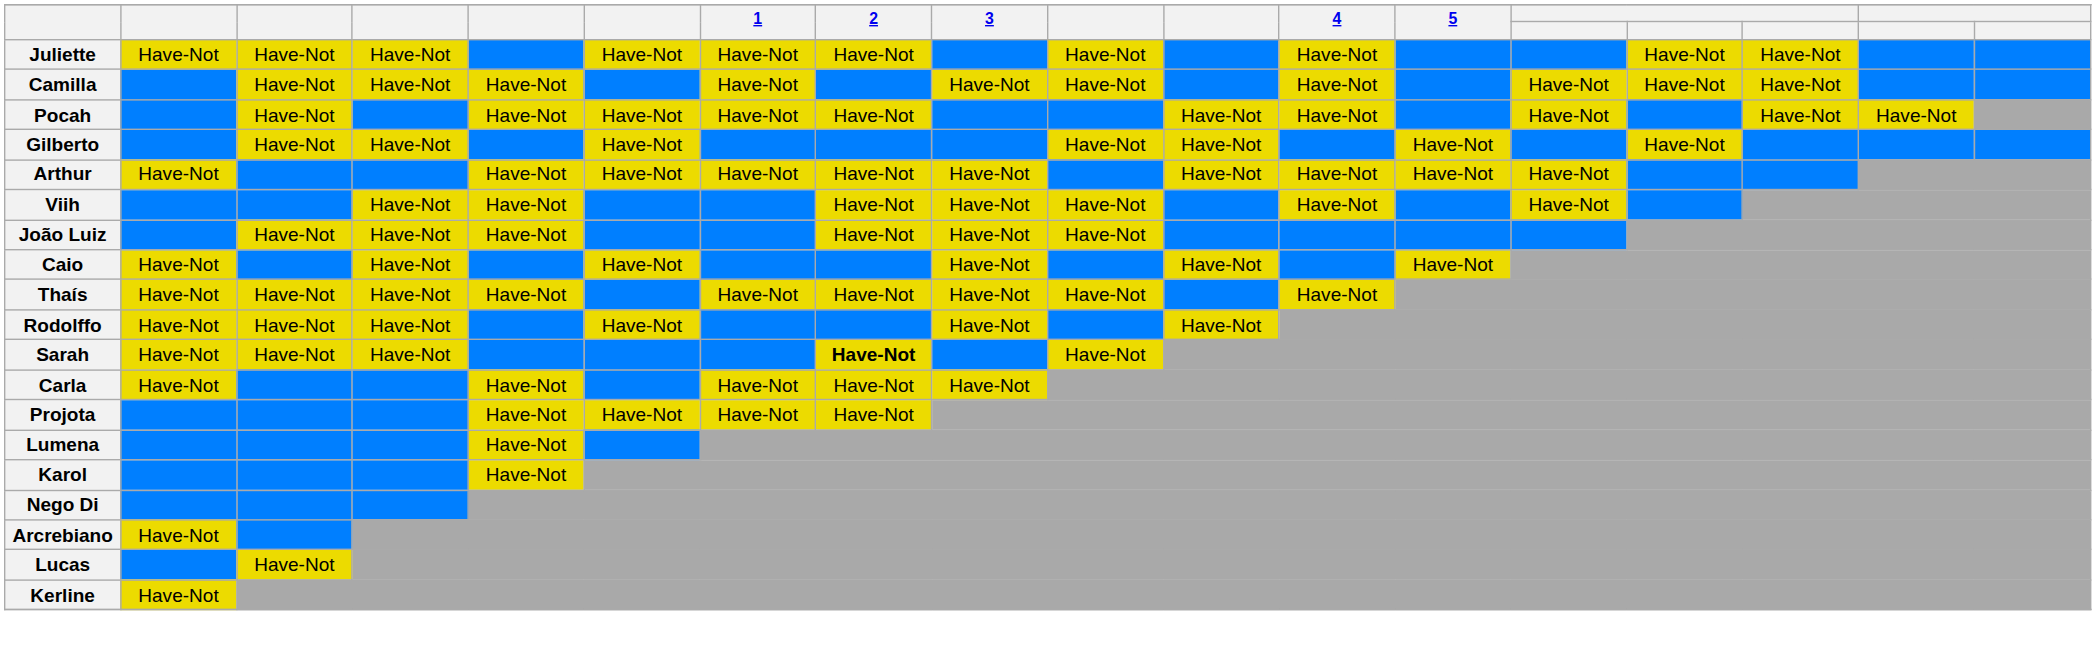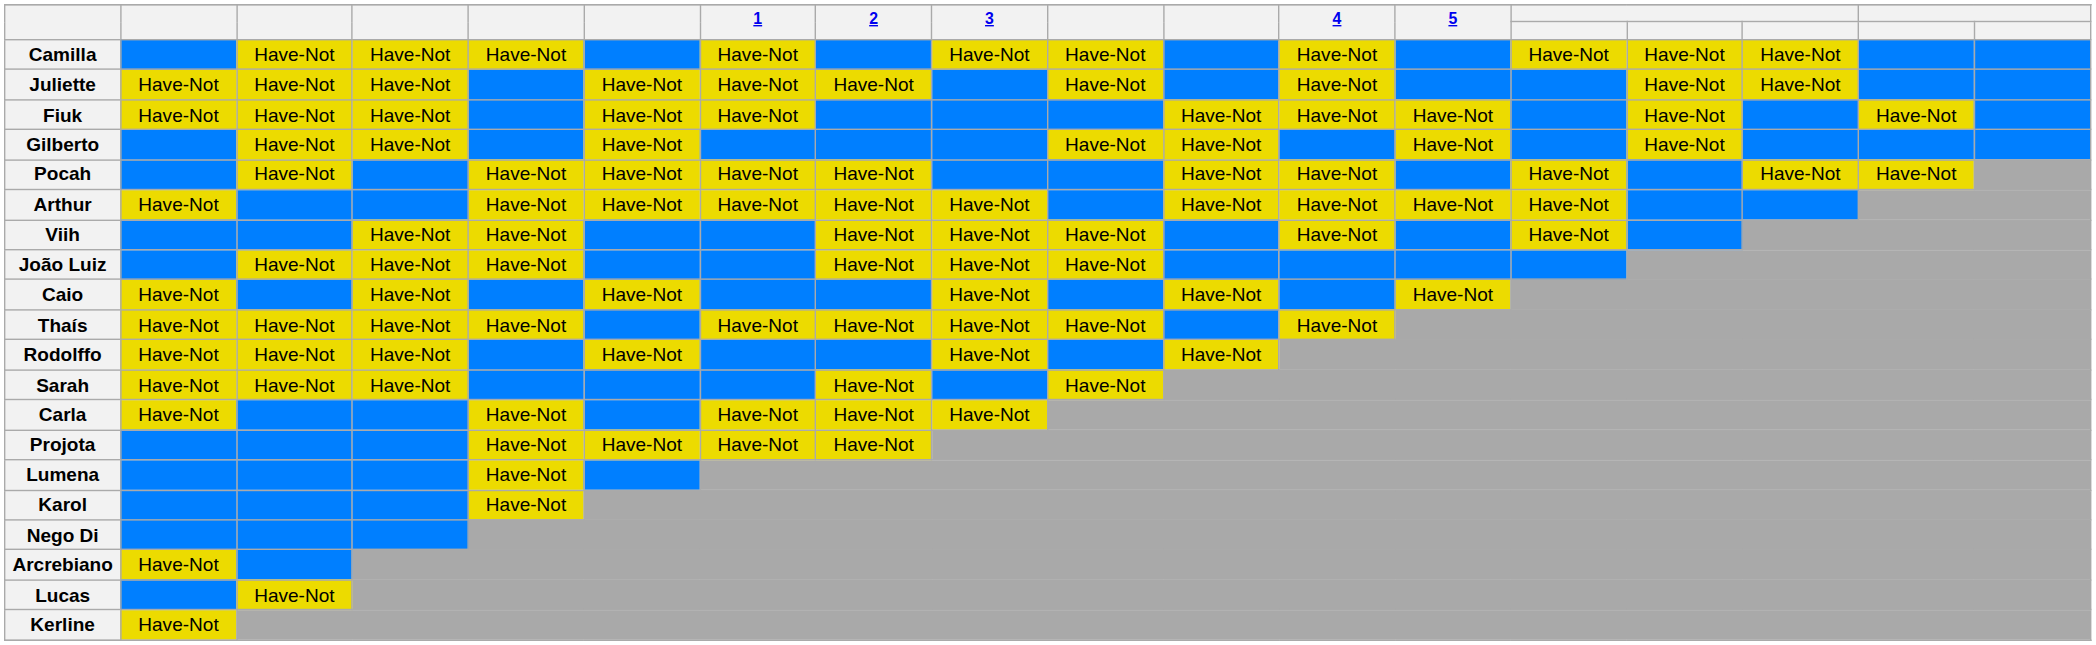 <table class="wikitable" style="text-align:center; font-size:85%; ">
 <tr>
 </tr>
 <tr>
 <th rowspan=2 width=05.25%></th>
 <th rowspan=2 width=05.25%></th>
 <th rowspan=2 width=05.25%></th>
 <th rowspan=2 width=05.25%></th>
 <th rowspan=2 width=05.25%></th>
 <th rowspan=2 width=05.25%></th>
 <th rowspan=2 width=05.25%><sup><a href='#'>1</a></sup></th>
 <th rowspan=2 width=05.25%><sup><a href='#'>2</a></sup></th>
 <th rowspan=2 width=05.25%><sup><a href='#'>3</a></sup></th>
 <th rowspan=2 width=05.25%></th>
 <th rowspan=2 width=05.25%></th>
 <th rowspan=2 width=05.25%><sup><a href='#'>4</a></sup></th>
 <th rowspan=2 width=05.25%><sup><a href='#'>5</a></sup></th>
 <th colspan=3 width=15.75%></th>
 <th colspan=2 width=10.50%></th>
 </tr>
 <tr>
 <th width=5.25%></th>
 <th width=5.25%></th>
 <th width=5.25%></th>
 <th width=5.25%></th>
 <th width=5.25%></th>
 </tr>
 <tr>
+<th>Camilla</th>
+<td bgcolor=007FFF></td>
+<td bgcolor=ECDB00>Have-Not</td>
+<td bgcolor=ECDB00>Have-Not</td>
+<td bgcolor=ECDB00>Have-Not</td>
+<td bgcolor=007FFF></td>
+<td bgcolor=ECDB00>Have-Not</td>
+<td bgcolor=007FFF></td>
+<td bgcolor=ECDB00>Have-Not</td>
+<td bgcolor=ECDB00>Have-Not</td>
+<td bgcolor=007FFF></td>
+<td bgcolor=ECDB00>Have-Not</td>
+<td bgcolor=007FFF></td>
+<td bgcolor=ECDB00>Have-Not</td>
+<td bgcolor=ECDB00>Have-Not</td>
+<td bgcolor=ECDB00>Have-Not</td>
+<td bgcolor=007FFF></td>
+<td bgcolor=007FFF></td>
+</tr>
+<tr>
 <th>Juliette</th>
 <td bgcolor=ECDB00>Have-Not</td>
 <td bgcolor=ECDB00>Have-Not</td>
 <td bgcolor=ECDB00>Have-Not</td>
 <td bgcolor=007FFF></td>
 <td bgcolor=ECDB00>Have-Not</td>
 <td bgcolor=ECDB00>Have-Not</td>
 <td bgcolor=ECDB00>Have-Not</td>
 <td bgcolor=007FFF></td>
 <td bgcolor=ECDB00>Have-Not</td>
 <td bgcolor=007FFF></td>
 <td bgcolor=ECDB00>Have-Not</td>
 <td bgcolor=007FFF></td>
 <td bgcolor=007FFF></td>
 <td bgcolor=ECDB00>Have-Not</td>
 <td bgcolor=ECDB00>Have-Not</td>
 <td bgcolor=007FFF></td>
 <td bgcolor=007FFF></td>
 </tr>
 <tr>
-<th>Camilla</th>
+<th>Fiuk</th>
+<td bgcolor=ECDB00>Have-Not</td>
+<td bgcolor=ECDB00>Have-Not</td>
+<td bgcolor=ECDB00>Have-Not</td>
+<td bgcolor=007FFF></td>
+<td bgcolor=ECDB00>Have-Not</td>
+<td bgcolor=ECDB00>Have-Not</td>
+<td bgcolor=007FFF></td>
+<td bgcolor=007FFF></td>
 <td bgcolor=007FFF></td>
 <td bgcolor=ECDB00>Have-Not</td>
 <td bgcolor=ECDB00>Have-Not</td>
 <td bgcolor=ECDB00>Have-Not</td>
 <td bgcolor=007FFF></td>
 <td bgcolor=ECDB00>Have-Not</td>
 <td bgcolor=007FFF></td>
 <td bgcolor=ECDB00>Have-Not</td>
+<td bgcolor=007FFF></td>
+</tr>
+<tr>
+<th>Gilberto</th>
+<td bgcolor=007FFF></td>
+<td bgcolor=ECDB00>Have-Not</td>
+<td bgcolor=ECDB00>Have-Not</td>
+<td bgcolor=007FFF></td>
+<td bgcolor=ECDB00>Have-Not</td>
+<td bgcolor=007FFF></td>
+<td bgcolor=007FFF></td>
+<td bgcolor=007FFF></td>
+<td bgcolor=ECDB00>Have-Not</td>
 <td bgcolor=ECDB00>Have-Not</td>
 <td bgcolor=007FFF></td>
 <td bgcolor=ECDB00>Have-Not</td>
 <td bgcolor=007FFF></td>
 <td bgcolor=ECDB00>Have-Not</td>
-<td bgcolor=ECDB00>Have-Not</td>
-<td bgcolor=ECDB00>Have-Not</td>
+<td bgcolor=007FFF></td>
 <td bgcolor=007FFF></td>
 <td bgcolor=007FFF></td>
 </tr>
 <tr>
 <th>Pocah</th>
 <td bgcolor=007FFF></td>
 <td bgcolor=ECDB00>Have-Not</td>
 <td bgcolor=007FFF></td>
 <td bgcolor=ECDB00>Have-Not</td>
 <td bgcolor=ECDB00>Have-Not</td>
 <td bgcolor=ECDB00>Have-Not</td>
 <td bgcolor=ECDB00>Have-Not</td>
 <td bgcolor=007FFF></td>
 <td bgcolor=007FFF></td>
 <td bgcolor=ECDB00>Have-Not</td>
 <td bgcolor=ECDB00>Have-Not</td>
 <td bgcolor=007FFF></td>
 <td bgcolor=ECDB00>Have-Not</td>
 <td bgcolor=007FFF></td>
 <td bgcolor=ECDB00>Have-Not</td>
 <td bgcolor=ECDB00>Have-Not</td>
 <td bgcolor=A9A9A9></td>
-</tr>
-<tr>
-<th>Gilberto</th>
-<td bgcolor=007FFF></td>
-<td bgcolor=ECDB00>Have-Not</td>
-<td bgcolor=ECDB00>Have-Not</td>
-<td bgcolor=007FFF></td>
-<td bgcolor=ECDB00>Have-Not</td>
-<td bgcolor=007FFF></td>
-<td bgcolor=007FFF></td>
-<td bgcolor=007FFF></td>
-<td bgcolor=ECDB00>Have-Not</td>
-<td bgcolor=ECDB00>Have-Not</td>
-<td bgcolor=007FFF></td>
-<td bgcolor=ECDB00>Have-Not</td>
-<td bgcolor=007FFF></td>
-<td bgcolor=ECDB00>Have-Not</td>
-<td bgcolor=007FFF></td>
-<td bgcolor=007FFF></td>
-<td bgcolor=007FFF></td>
 </tr>
 <tr>
 <th>Arthur</th>
 <td bgcolor=ECDB00>Have-Not</td>
 <td bgcolor=007FFF></td>
 <td bgcolor=007FFF></td>
 <td bgcolor=ECDB00>Have-Not</td>
 <td bgcolor=ECDB00>Have-Not</td>
 <td bgcolor=ECDB00>Have-Not</td>
 <td bgcolor=ECDB00>Have-Not</td>
 <td bgcolor=ECDB00>Have-Not</td>
 <td bgcolor=007FFF></td>
 <td bgcolor=ECDB00>Have-Not</td>
 <td bgcolor=ECDB00>Have-Not</td>
 <td bgcolor=ECDB00>Have-Not</td>
 <td bgcolor=ECDB00>Have-Not</td>
 <td bgcolor=007FFF></td>
 <td bgcolor=007FFF></td>
 <td bgcolor=A9A9A9 colspan=2></td>
 </tr>
 <tr>
 <th>Viih</th>
 <td bgcolor=007FFF></td>
 <td bgcolor=007FFF></td>
 <td bgcolor=ECDB00>Have-Not</td>
 <td bgcolor=ECDB00>Have-Not</td>
 <td bgcolor=007FFF></td>
 <td bgcolor=007FFF></td>
 <td bgcolor=ECDB00>Have-Not</td>
 <td bgcolor=ECDB00>Have-Not</td>
 <td bgcolor=ECDB00>Have-Not</td>
 <td bgcolor=007FFF></td>
 <td bgcolor=ECDB00>Have-Not</td>
 <td bgcolor=007FFF></td>
 <td bgcolor=ECDB00>Have-Not</td>
 <td bgcolor=007FFF></td>
 <td bgcolor=A9A9A9 colspan=3></td>
 </tr>
 <tr>
 <th>João Luiz</th>
 <td bgcolor=007FFF></td>
 <td bgcolor=ECDB00>Have-Not</td>
 <td bgcolor=ECDB00>Have-Not</td>
 <td bgcolor=ECDB00>Have-Not</td>
 <td bgcolor=007FFF></td>
 <td bgcolor=007FFF></td>
 <td bgcolor=ECDB00>Have-Not</td>
 <td bgcolor=ECDB00>Have-Not</td>
 <td bgcolor=ECDB00>Have-Not</td>
 <td bgcolor=007FFF></td>
 <td bgcolor=007FFF></td>
 <td bgcolor=007FFF></td>
 <td bgcolor=007FFF></td>
 <td bgcolor=A9A9A9 colspan=4></td>
 </tr>
 <tr>
 <th>Caio</th>
 <td bgcolor=ECDB00>Have-Not</td>
 <td bgcolor=007FFF></td>
 <td bgcolor=ECDB00>Have-Not</td>
 <td bgcolor=007FFF></td>
 <td bgcolor=ECDB00>Have-Not</td>
 <td bgcolor=007FFF></td>
 <td bgcolor=007FFF></td>
 <td bgcolor=ECDB00>Have-Not</td>
 <td bgcolor=007FFF></td>
 <td bgcolor=ECDB00>Have-Not</td>
 <td bgcolor=007FFF></td>
 <td bgcolor=ECDB00>Have-Not</td>
 <td bgcolor=A9A9A9 colspan=5></td>
 </tr>
 <tr>
 <th>Thaís</th>
 <td bgcolor=ECDB00>Have-Not</td>
 <td bgcolor=ECDB00>Have-Not</td>
 <td bgcolor=ECDB00>Have-Not</td>
 <td bgcolor=ECDB00>Have-Not</td>
 <td bgcolor=007FFF></td>
 <td bgcolor=ECDB00>Have-Not</td>
 <td bgcolor=ECDB00>Have-Not</td>
 <td bgcolor=ECDB00>Have-Not</td>
 <td bgcolor=ECDB00>Have-Not</td>
 <td bgcolor=007FFF></td>
 <td bgcolor=ECDB00>Have-Not</td>
 <td bgcolor=A9A9A9 colspan=6></td>
 </tr>
 <tr>
 <th>Rodolffo</th>
 <td bgcolor=ECDB00>Have-Not</td>
 <td bgcolor=ECDB00>Have-Not</td>
 <td bgcolor=ECDB00>Have-Not</td>
 <td bgcolor=007FFF></td>
 <td bgcolor=ECDB00>Have-Not</td>
 <td bgcolor=007FFF></td>
 <td bgcolor=007FFF></td>
 <td bgcolor=ECDB00>Have-Not</td>
 <td bgcolor=007FFF></td>
 <td bgcolor=ECDB00>Have-Not</td>
 <td bgcolor=A9A9A9 colspan=7></td>
 </tr>
 <tr>
 <th>Sarah</th>
 <td bgcolor=ECDB00>Have-Not</td>
 <td bgcolor=ECDB00>Have-Not</td>
 <td bgcolor=ECDB00>Have-Not</td>
 <td bgcolor=007FFF></td>
 <td bgcolor=007FFF></td>
 <td bgcolor=007FFF></td>
-<td bgcolor=ECDB00><strong>Have-Not</strong></td>
+<td bgcolor=ECDB00>Have-Not</td>
 <td bgcolor=007FFF></td>
 <td bgcolor=ECDB00>Have-Not</td>
 <td bgcolor=A9A9A9 colspan=8></td>
 </tr>
 <tr>
 <th>Carla</th>
 <td bgcolor=ECDB00>Have-Not</td>
 <td bgcolor=007FFF></td>
 <td bgcolor=007FFF></td>
 <td bgcolor=ECDB00>Have-Not</td>
 <td bgcolor=007FFF></td>
 <td bgcolor=ECDB00>Have-Not</td>
 <td bgcolor=ECDB00>Have-Not</td>
 <td bgcolor=ECDB00>Have-Not</td>
 <td bgcolor=A9A9A9 colspan=9></td>
 </tr>
 <tr>
 <th>Projota</th>
 <td bgcolor=007FFF></td>
 <td bgcolor=007FFF></td>
 <td bgcolor=007FFF></td>
 <td bgcolor=ECDB00>Have-Not</td>
 <td bgcolor=ECDB00>Have-Not</td>
 <td bgcolor=ECDB00>Have-Not</td>
 <td bgcolor=ECDB00>Have-Not</td>
 <td bgcolor=A9A9A9 colspan=10></td>
 </tr>
 <tr>
 <th>Lumena</th>
 <td bgcolor=007FFF></td>
 <td bgcolor=007FFF></td>
 <td bgcolor=007FFF></td>
 <td bgcolor=ECDB00>Have-Not</td>
 <td bgcolor=007FFF></td>
 <td bgcolor=A9A9A9 colspan=12></td>
 </tr>
 <tr>
 <th>Karol</th>
 <td bgcolor=007FFF></td>
 <td bgcolor=007FFF></td>
 <td bgcolor=007FFF></td>
 <td bgcolor=ECDB00>Have-Not</td>
 <td bgcolor=A9A9A9 colspan=13></td>
 </tr>
 <tr>
 <th>Nego Di</th>
 <td bgcolor=007FFF></td>
 <td bgcolor=007FFF></td>
 <td bgcolor=007FFF></td>
 <td bgcolor=A9A9A9 colspan=14></td>
 </tr>
 <tr>
 <th>Arcrebiano</th>
 <td bgcolor=ECDB00>Have-Not</td>
 <td bgcolor=007FFF></td>
 <td bgcolor=A9A9A9 colspan=15></td>
 </tr>
 <tr>
 <th>Lucas</th>
 <td bgcolor=007FFF></td>
 <td bgcolor=ECDB00>Have-Not</td>
 <td bgcolor=A9A9A9 colspan=15></td>
 </tr>
 <tr>
 <th>Kerline</th>
 <td bgcolor=ECDB00>Have-Not</td>
 <td bgcolor=A9A9A9 colspan=16></td>
 </tr>
 <tr>
 </tr>
 </table>
